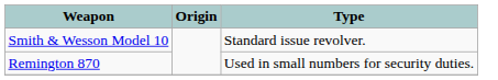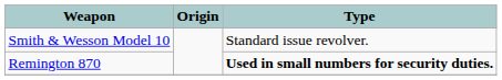 <table class="wikitable">
 <tr>
 <th style="text-align:center; background:#acc;">Weapon</th>
 <th style="text-align: center; background:#acc;">Origin</th>
 <th style="text-align:l center; background:#acc;">Type</th>
 </tr>
 <tr>
 <td><a href='#'>Smith & Wesson Model 10</a></td>
 <td rowspan="2"></td>
 <td>Standard issue revolver.</td>
 </tr>
 <tr>
 <td><a href='#'>Remington 870</a></td>
-<td>Used in small numbers for security duties.</td>
+<td><strong>Used in small numbers for security duties.</strong></td>
 </tr>
 <tr>
 </tr>
 </table>
